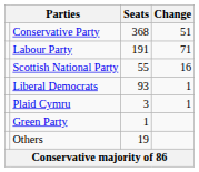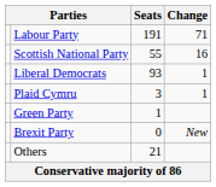 <table class="wikitable">
 <tr>
 <th colspan="2" style="vertical-align:top;">Parties</th>
 <th style="vertical-align:top;">Seats</th>
 <th style="vertical-align:top;">Change</th>
-</tr>
-<tr>
-<td style="color:inherit;background:"></td>
-<td><a href='#'>Conservative Party</a></td>
-<td style="text-align:right;">368</td>
-<td style="text-align:right;"> 51</td>
 </tr>
 <tr>
 <td style="color:inherit;background:"></td>
 <td><a href='#'>Labour Party</a></td>
 <td style="text-align:right;">191</td>
 <td style="text-align:right;"> 71</td>
 </tr>
 <tr>
 <td style="color:inherit;background:"></td>
 <td><a href='#'>Scottish National Party</a></td>
 <td style="text-align:right;">55</td>
 <td style="text-align:right;"> 16</td>
 </tr>
 <tr>
 <td style="color:inherit;background:"></td>
 <td><a href='#'>Liberal Democrats</a></td>
 <td style="text-align:right;">93</td>
 <td style="text-align:right;"> 1</td>
 </tr>
 <tr>
 <td style="color:inherit;background:"></td>
 <td><a href='#'>Plaid Cymru</a></td>
 <td style="text-align:right;">3</td>
 <td style="text-align:right;"> 1</td>
 </tr>
 <tr>
 <td style="color:inherit;background:"></td>
 <td><a href='#'>Green Party</a></td>
 <td style="text-align:right;">1</td>
 <td style="text-align:right;"></td>
 </tr>
 <tr>
 <td style="color:inherit;background:"></td>
+<td><a href='#'>Brexit Party</a></td>
+<td style="text-align:right;">0</td>
+<td style="text-align:right;"><em>New</em></td>
+</tr>
+<tr>
+<td style="color:inherit;background:"></td>
 <td>Others</td>
-<td style="text-align:right;">19</td>
+<td style="text-align:right;">21</td>
 <td style="text-align:right;"></td>
 </tr>
 <tr>
 <th colspan="4" style="text-align:center; background:"><strong>Conservative majority of 86</strong></th>
 </tr>
 </table>
